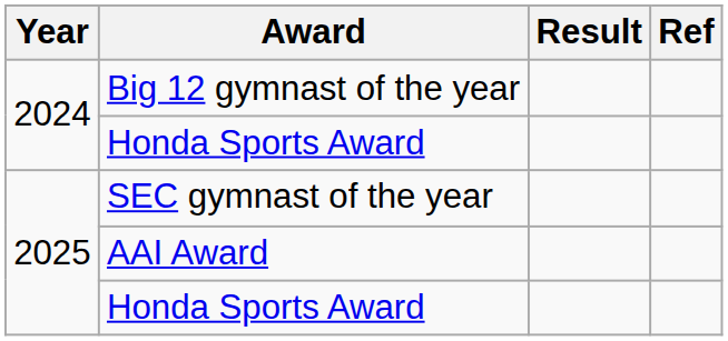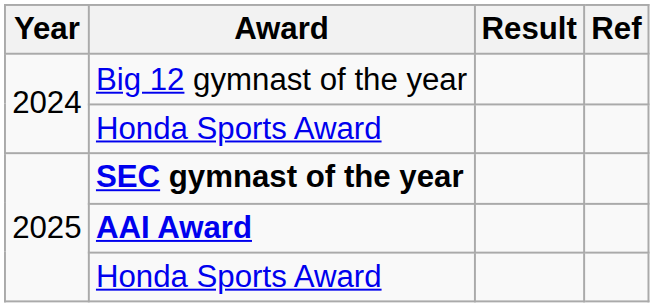 <table class="wikitable">
 <tr>
 <th>Year</th>
 <th>Award</th>
 <th>Result</th>
 <th>Ref</th>
 </tr>
 <tr>
 <td rowspan="2">2024</td>
 <td><a href='#'>Big 12</a> gymnast of the year</td>
 <td></td>
 <td></td>
 </tr>
 <tr>
 <td><a href='#'>Honda Sports Award</a></td>
 <td></td>
 <td></td>
 </tr>
 <tr>
 <td rowspan="3">2025</td>
-<td><a href='#'>SEC</a> gymnast of the year</td>
+<td><strong><a href='#'>SEC</a> gymnast of the year</strong></td>
 <td></td>
 <td></td>
 </tr>
 <tr>
-<td><a href='#'>AAI Award</a></td>
+<td><strong><a href='#'>AAI Award</a></strong></td>
 <td></td>
 <td></td>
 </tr>
 <tr>
 <td><a href='#'>Honda Sports Award</a></td>
 <td></td>
 <td></td>
 </tr>
 </table>
